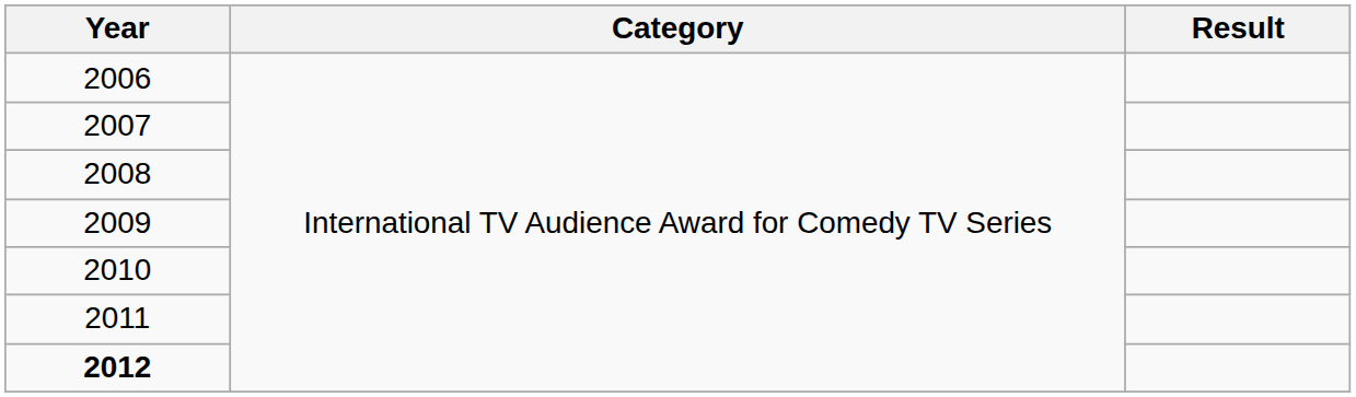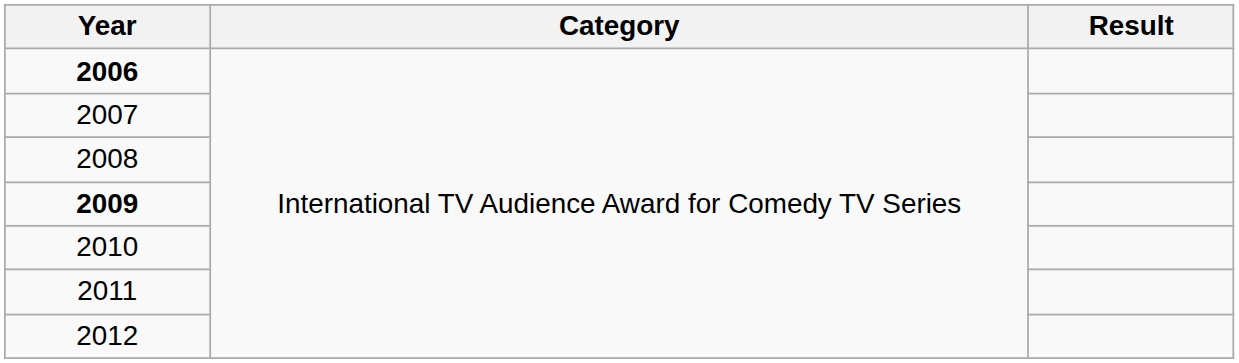 <table class="wikitable" width="80%">
 <tr>
 <th width="10%">Year</th>
 <th width="40%">Category</th>
 <th width="10%">Result</th>
 </tr>
 <tr>
-<td align="center">2006</td>
+<td align="center"><strong>2006</strong></td>
 <td rowspan="7" align="center">International TV Audience Award for Comedy TV Series</td>
 <td></td>
 </tr>
 <tr>
 <td align="center">2007</td>
 <td></td>
 </tr>
 <tr>
 <td align="center">2008</td>
 <td></td>
 </tr>
 <tr>
-<td align="center">2009</td>
+<td align="center"><strong>2009</strong></td>
 <td></td>
 </tr>
 <tr>
 <td align="center">2010</td>
 <td></td>
 </tr>
 <tr>
 <td align="center">2011</td>
 <td></td>
 </tr>
 <tr>
-<td align="center"><strong>2012</strong></td>
+<td align="center">2012</td>
 <td></td>
 </tr>
 </table>
